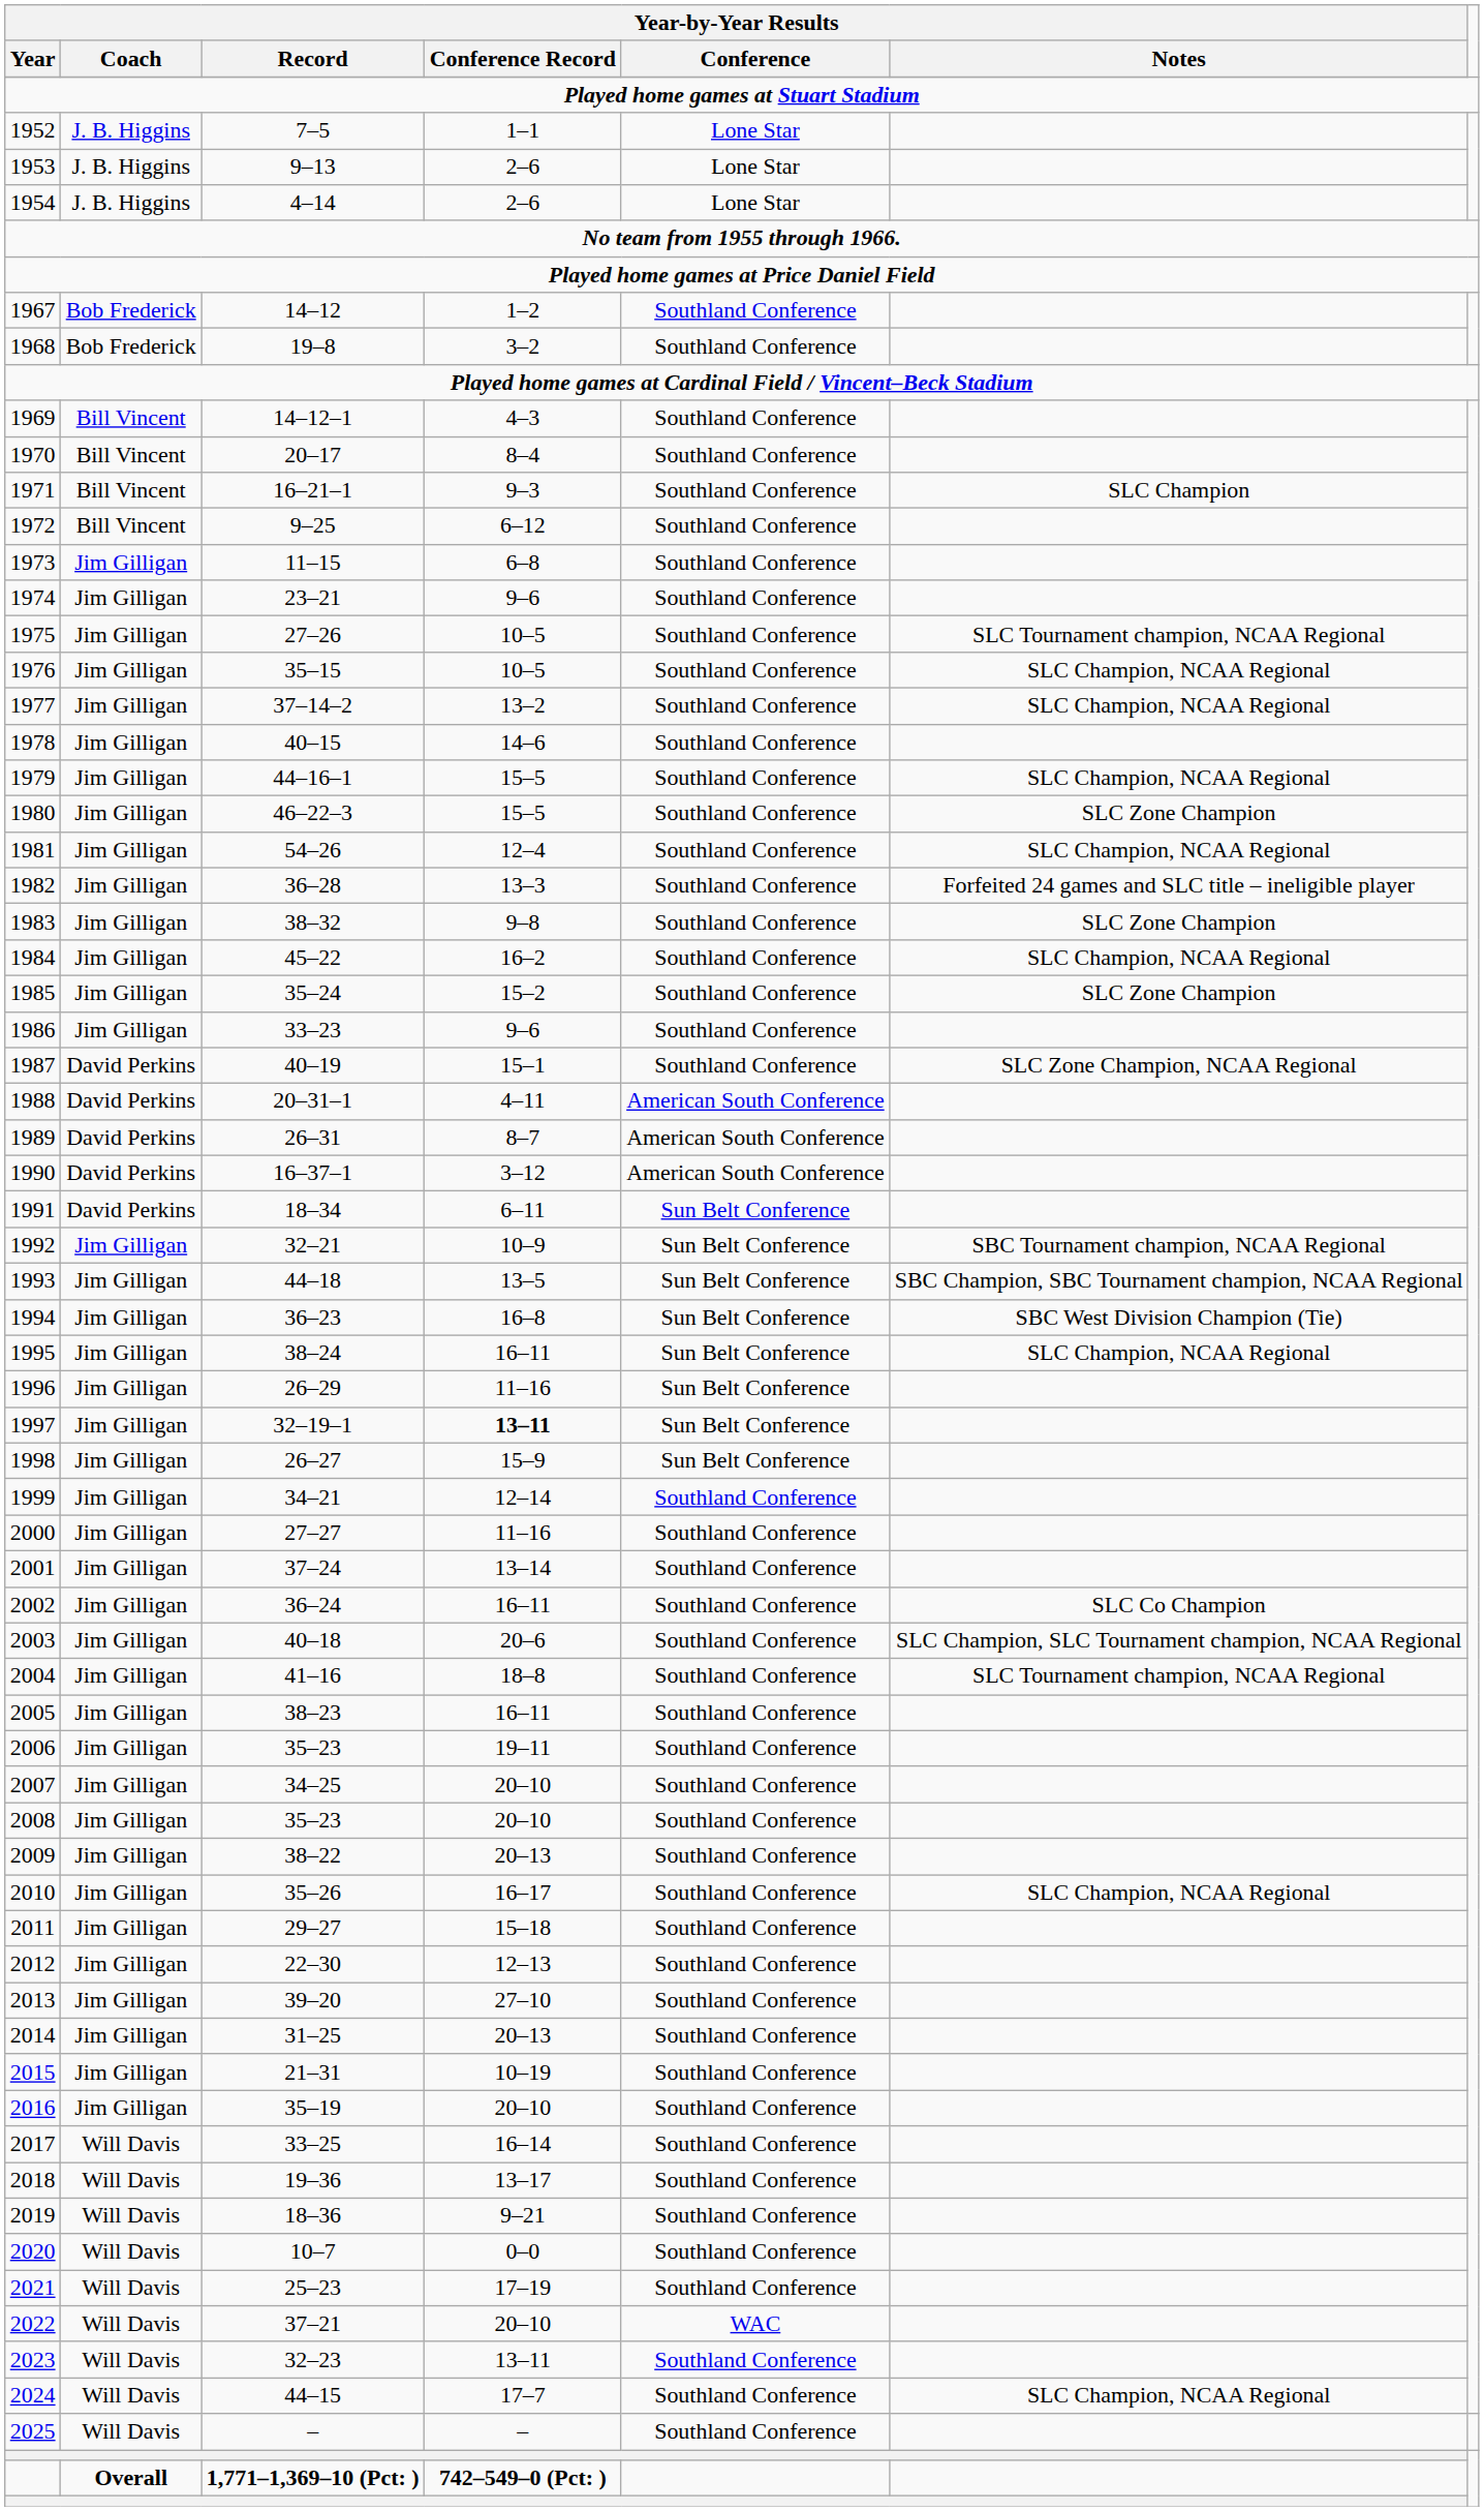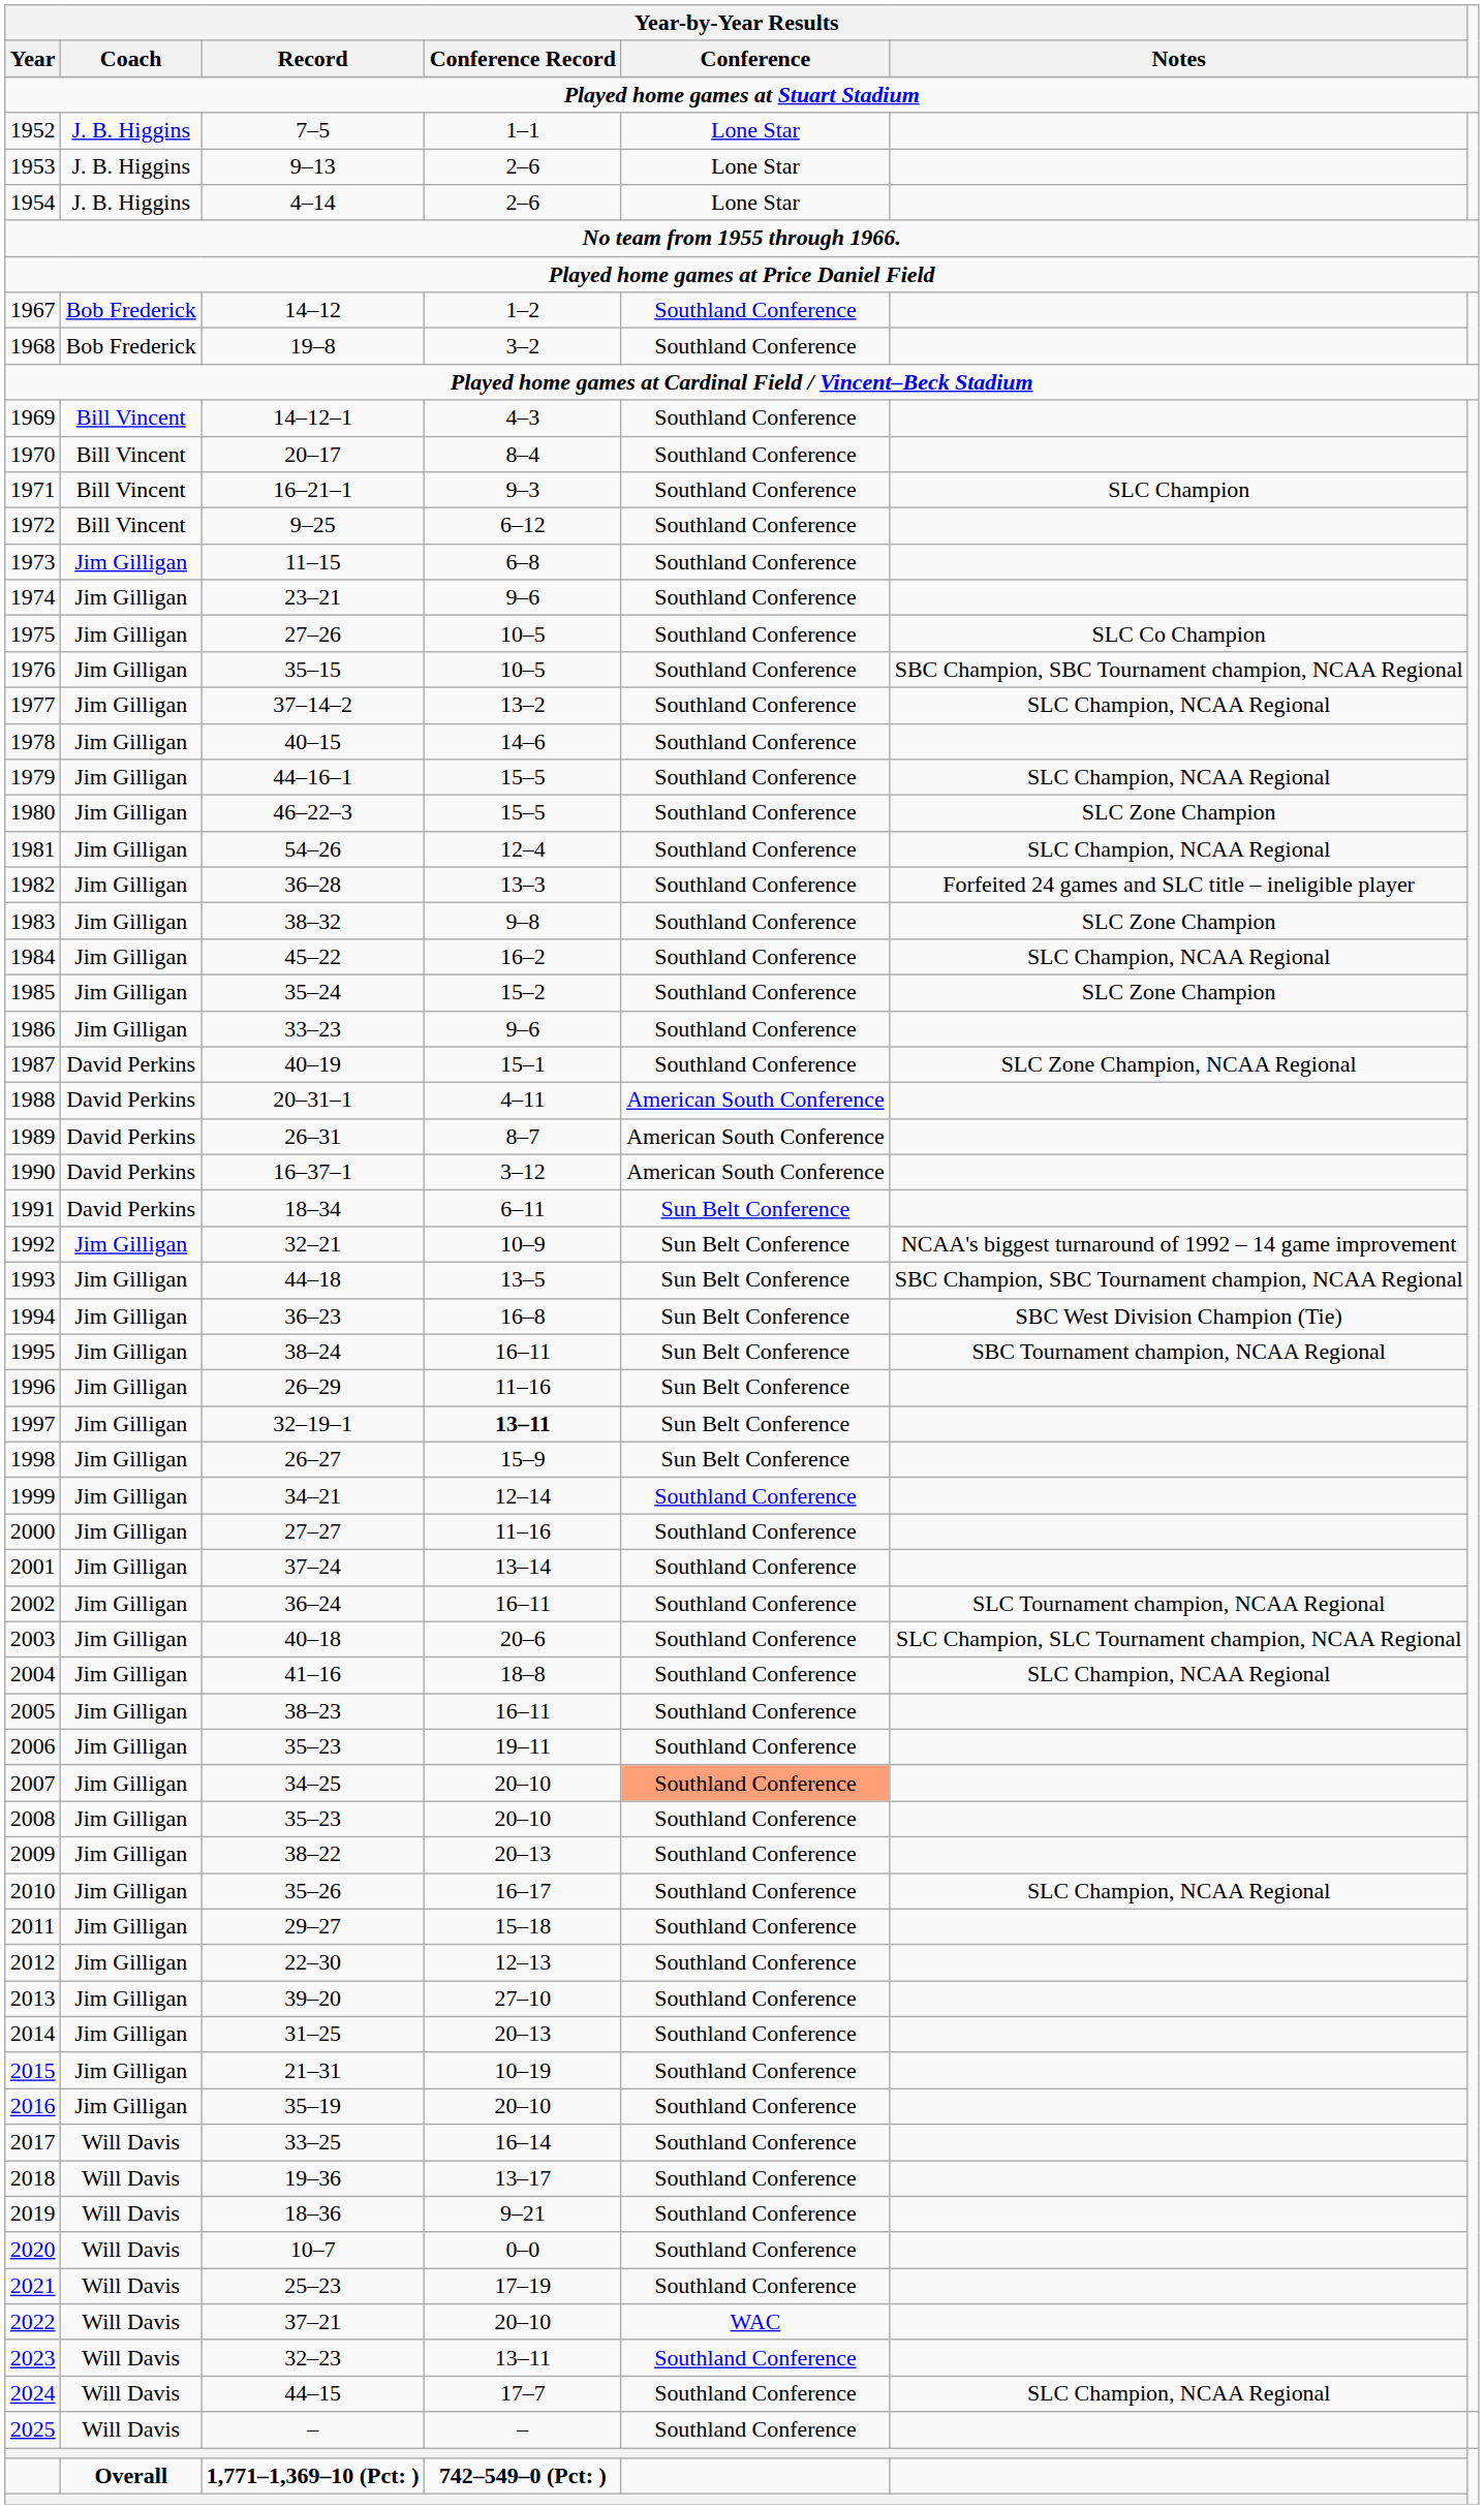 <table class="wikitable sortable collapsible" style="text-align:center">
 <tr>
 <th colspan=6>Year-by-Year Results</th>
 </tr>
 <tr>
 <th>Year</th>
 <th>Coach</th>
 <th>Record</th>
 <th>Conference Record</th>
 <th>Conference</th>
 <th>Notes</th>
 </tr>
 <tr>
 </tr>
 <tr>
 <td colspan=7 align="center"><strong><em>Played home games at <a href='#'>Stuart Stadium</a></em></strong></td>
 </tr>
 <tr>
 <td>1952</td>
 <td><a href='#'>J. B. Higgins</a></td>
 <td>7–5</td>
 <td>1–1</td>
 <td><a href='#'>Lone Star</a></td>
 <td></td>
 </tr>
 <tr>
 <td>1953</td>
 <td>J. B. Higgins</td>
 <td>9–13</td>
 <td>2–6</td>
 <td>Lone Star</td>
 <td></td>
 </tr>
 <tr>
 <td>1954</td>
 <td>J. B. Higgins</td>
 <td>4–14</td>
 <td>2–6</td>
 <td>Lone Star</td>
 <td></td>
 </tr>
 <tr>
 <td colspan=7 align="center"><strong><em>No team from 1955 through 1966.</em></strong></td>
 </tr>
 <tr>
 <td colspan=7 align="center"><strong><em>Played home games at Price Daniel Field</em></strong></td>
 </tr>
 <tr>
 <td>1967</td>
 <td><a href='#'>Bob Frederick</a></td>
 <td>14–12</td>
 <td>1–2</td>
 <td><a href='#'>Southland Conference</a></td>
 <td></td>
 </tr>
 <tr>
 <td>1968</td>
 <td>Bob Frederick</td>
 <td>19–8</td>
 <td>3–2</td>
 <td>Southland Conference</td>
 <td></td>
 </tr>
 <tr>
 <td colspan=7 align="center"><strong><em>Played home games at Cardinal Field / <a href='#'>Vincent–Beck Stadium</a></em></strong></td>
 </tr>
 <tr>
 <td>1969</td>
 <td><a href='#'>Bill Vincent</a></td>
 <td>14–12–1</td>
 <td>4–3</td>
 <td>Southland Conference</td>
 <td></td>
 </tr>
 <tr>
 <td>1970</td>
 <td>Bill Vincent</td>
 <td>20–17</td>
 <td>8–4</td>
 <td>Southland Conference</td>
 <td></td>
 </tr>
 <tr>
 <td>1971</td>
 <td>Bill Vincent</td>
 <td>16–21–1</td>
 <td>9–3</td>
 <td>Southland Conference</td>
 <td>SLC Champion</td>
 </tr>
 <tr>
 <td>1972</td>
 <td>Bill Vincent</td>
 <td>9–25</td>
 <td>6–12</td>
 <td>Southland Conference</td>
 <td></td>
 </tr>
 <tr>
 <td>1973</td>
 <td><a href='#'>Jim Gilligan</a></td>
 <td>11–15</td>
 <td>6–8</td>
 <td>Southland Conference</td>
 <td></td>
 </tr>
 <tr>
 <td>1974</td>
 <td>Jim Gilligan</td>
 <td>23–21</td>
 <td>9–6</td>
 <td>Southland Conference</td>
 <td></td>
 </tr>
 <tr>
 <td>1975</td>
 <td>Jim Gilligan</td>
 <td>27–26</td>
 <td>10–5</td>
 <td>Southland Conference</td>
-<td>SLC Tournament champion, NCAA Regional</td>
+<td>SLC Co Champion</td>
 </tr>
 <tr>
 <td>1976</td>
 <td>Jim Gilligan</td>
 <td>35–15</td>
 <td>10–5</td>
 <td>Southland Conference</td>
-<td>SLC Champion, NCAA Regional</td>
+<td>SBC Champion, SBC Tournament champion, NCAA Regional</td>
 </tr>
 <tr>
 <td>1977</td>
 <td>Jim Gilligan</td>
 <td>37–14–2</td>
 <td>13–2</td>
 <td>Southland Conference</td>
 <td>SLC Champion, NCAA Regional</td>
 </tr>
 <tr>
 <td>1978</td>
 <td>Jim Gilligan</td>
 <td>40–15</td>
 <td>14–6</td>
 <td>Southland Conference</td>
 <td></td>
 </tr>
 <tr>
 <td>1979</td>
 <td>Jim Gilligan</td>
 <td>44–16–1</td>
 <td>15–5</td>
 <td>Southland Conference</td>
 <td>SLC Champion, NCAA Regional</td>
 </tr>
 <tr>
 <td>1980</td>
 <td>Jim Gilligan</td>
 <td>46–22–3</td>
 <td>15–5</td>
 <td>Southland Conference</td>
 <td>SLC Zone Champion</td>
 </tr>
 <tr>
 <td>1981</td>
 <td>Jim Gilligan</td>
 <td>54–26</td>
 <td>12–4</td>
 <td>Southland Conference</td>
 <td>SLC Champion, NCAA Regional</td>
 </tr>
 <tr>
 <td>1982</td>
 <td>Jim Gilligan</td>
 <td>36–28</td>
 <td>13–3</td>
 <td>Southland Conference</td>
 <td>Forfeited 24 games and SLC title – ineligible player</td>
 </tr>
 <tr>
 <td>1983</td>
 <td>Jim Gilligan</td>
 <td>38–32</td>
 <td>9–8</td>
 <td>Southland Conference</td>
 <td>SLC Zone Champion</td>
 </tr>
 <tr>
 <td>1984</td>
 <td>Jim Gilligan</td>
 <td>45–22</td>
 <td>16–2</td>
 <td>Southland Conference</td>
 <td>SLC Champion, NCAA Regional</td>
 </tr>
 <tr>
 <td>1985</td>
 <td>Jim Gilligan</td>
 <td>35–24</td>
 <td>15–2</td>
 <td>Southland Conference</td>
 <td>SLC Zone Champion</td>
 </tr>
 <tr>
 <td>1986</td>
 <td>Jim Gilligan</td>
 <td>33–23</td>
 <td>9–6</td>
 <td>Southland Conference</td>
 <td></td>
 </tr>
 <tr>
 <td>1987</td>
 <td>David Perkins</td>
 <td>40–19</td>
 <td>15–1</td>
 <td>Southland Conference</td>
 <td>SLC Zone Champion, NCAA Regional</td>
 </tr>
 <tr>
 <td>1988</td>
 <td>David Perkins</td>
 <td>20–31–1</td>
 <td>4–11</td>
 <td><a href='#'>American South Conference</a></td>
 <td></td>
 </tr>
 <tr>
 <td>1989</td>
 <td>David Perkins</td>
 <td>26–31</td>
 <td>8–7</td>
 <td>American South Conference</td>
 <td></td>
 </tr>
 <tr>
 <td>1990</td>
 <td>David Perkins</td>
 <td>16–37–1</td>
 <td>3–12</td>
 <td>American South Conference</td>
 <td></td>
 </tr>
 <tr>
 <td>1991</td>
 <td>David Perkins</td>
 <td>18–34</td>
 <td>6–11</td>
 <td><a href='#'>Sun Belt Conference</a></td>
 <td></td>
 </tr>
 <tr>
 <td>1992</td>
 <td><a href='#'>Jim Gilligan</a></td>
 <td>32–21</td>
 <td>10–9</td>
 <td>Sun Belt Conference</td>
-<td>SBC Tournament champion, NCAA Regional</td>
+<td>NCAA's biggest turnaround of 1992 – 14 game improvement</td>
 </tr>
 <tr>
 <td>1993</td>
 <td>Jim Gilligan</td>
 <td>44–18</td>
 <td>13–5</td>
 <td>Sun Belt Conference</td>
 <td>SBC Champion, SBC Tournament champion, NCAA Regional</td>
 </tr>
 <tr>
 <td>1994</td>
 <td>Jim Gilligan</td>
 <td>36–23</td>
 <td>16–8</td>
 <td>Sun Belt Conference</td>
 <td>SBC West Division Champion (Tie)</td>
 </tr>
 <tr>
 <td>1995</td>
 <td>Jim Gilligan</td>
 <td>38–24</td>
 <td>16–11</td>
 <td>Sun Belt Conference</td>
-<td>SLC Champion, NCAA Regional</td>
+<td>SBC Tournament champion, NCAA Regional</td>
 </tr>
 <tr>
 <td>1996</td>
 <td>Jim Gilligan</td>
 <td>26–29</td>
 <td>11–16</td>
 <td>Sun Belt Conference</td>
 <td></td>
 </tr>
 <tr>
 <td>1997</td>
 <td>Jim Gilligan</td>
 <td>32–19–1</td>
 <td><strong>13–11</strong></td>
 <td>Sun Belt Conference</td>
 <td></td>
 </tr>
 <tr>
 <td>1998</td>
 <td>Jim Gilligan</td>
 <td>26–27</td>
 <td>15–9</td>
 <td>Sun Belt Conference</td>
 <td></td>
 </tr>
 <tr>
 <td>1999</td>
 <td>Jim Gilligan</td>
 <td>34–21</td>
 <td>12–14</td>
 <td><a href='#'>Southland Conference</a></td>
 <td></td>
 </tr>
 <tr>
 <td>2000</td>
 <td>Jim Gilligan</td>
 <td>27–27</td>
 <td>11–16</td>
 <td>Southland Conference</td>
 <td></td>
 </tr>
 <tr>
 <td>2001</td>
 <td>Jim Gilligan</td>
 <td>37–24</td>
 <td>13–14</td>
 <td>Southland Conference</td>
 <td></td>
 </tr>
 <tr>
 <td>2002</td>
 <td>Jim Gilligan</td>
 <td>36–24</td>
 <td>16–11</td>
 <td>Southland Conference</td>
-<td>SLC Co Champion</td>
+<td>SLC Tournament champion, NCAA Regional</td>
 </tr>
 <tr>
 <td>2003</td>
 <td>Jim Gilligan</td>
 <td>40–18</td>
 <td>20–6</td>
 <td>Southland Conference</td>
 <td>SLC Champion, SLC Tournament champion, NCAA Regional</td>
 </tr>
 <tr>
 <td>2004</td>
 <td>Jim Gilligan</td>
 <td>41–16</td>
 <td>18–8</td>
 <td>Southland Conference</td>
-<td>SLC Tournament champion, NCAA Regional</td>
+<td>SLC Champion, NCAA Regional</td>
 </tr>
 <tr>
 <td>2005</td>
 <td>Jim Gilligan</td>
 <td>38–23</td>
 <td>16–11</td>
 <td>Southland Conference</td>
 <td></td>
 </tr>
 <tr>
 <td>2006</td>
 <td>Jim Gilligan</td>
 <td>35–23</td>
 <td>19–11</td>
 <td>Southland Conference</td>
 <td></td>
 </tr>
 <tr>
 <td>2007</td>
 <td>Jim Gilligan</td>
 <td>34–25</td>
 <td>20–10</td>
-<td>Southland Conference</td>
+<td style="background: lightsalmon;">Southland Conference</td>
 <td></td>
 </tr>
 <tr>
 <td>2008</td>
 <td>Jim Gilligan</td>
 <td>35–23</td>
 <td>20–10</td>
 <td>Southland Conference</td>
 <td></td>
 </tr>
 <tr>
 <td>2009</td>
 <td>Jim Gilligan</td>
 <td>38–22</td>
 <td>20–13</td>
 <td>Southland Conference</td>
 <td></td>
 </tr>
 <tr>
 <td>2010</td>
 <td>Jim Gilligan</td>
 <td>35–26</td>
 <td>16–17</td>
 <td>Southland Conference</td>
 <td>SLC Champion, NCAA Regional</td>
 </tr>
 <tr>
 <td>2011</td>
 <td>Jim Gilligan</td>
 <td>29–27</td>
 <td>15–18</td>
 <td>Southland Conference</td>
 <td></td>
 </tr>
 <tr>
 <td>2012</td>
 <td>Jim Gilligan</td>
 <td>22–30</td>
 <td>12–13</td>
 <td>Southland Conference</td>
 <td></td>
 </tr>
 <tr>
 <td>2013</td>
 <td>Jim Gilligan</td>
 <td>39–20</td>
 <td>27–10</td>
 <td>Southland Conference</td>
 <td></td>
 </tr>
 <tr>
 <td>2014</td>
 <td>Jim Gilligan</td>
 <td>31–25</td>
 <td>20–13</td>
 <td>Southland Conference</td>
 <td></td>
 </tr>
 <tr>
 <td><a href='#'>2015</a></td>
 <td>Jim Gilligan</td>
 <td>21–31</td>
 <td>10–19</td>
 <td>Southland Conference</td>
 <td></td>
 </tr>
 <tr>
 <td><a href='#'>2016</a></td>
 <td>Jim Gilligan</td>
 <td>35–19</td>
 <td>20–10</td>
 <td>Southland Conference</td>
 <td></td>
 </tr>
 <tr>
 <td>2017</td>
 <td>Will Davis</td>
 <td>33–25</td>
 <td>16–14</td>
 <td>Southland Conference</td>
 <td></td>
 </tr>
 <tr>
 <td>2018</td>
 <td>Will Davis</td>
 <td>19–36</td>
 <td>13–17</td>
 <td>Southland Conference</td>
 <td></td>
 </tr>
 <tr>
 <td>2019</td>
 <td>Will Davis</td>
 <td>18–36</td>
 <td>9–21</td>
 <td>Southland Conference</td>
 <td></td>
 </tr>
 <tr>
 <td><a href='#'>2020</a></td>
 <td>Will Davis</td>
 <td>10–7</td>
 <td>0–0</td>
 <td>Southland Conference</td>
 <td></td>
 </tr>
 <tr>
 <td><a href='#'>2021</a></td>
 <td>Will Davis</td>
 <td>25–23</td>
 <td>17–19</td>
 <td>Southland Conference</td>
 <td></td>
 </tr>
 <tr>
 <td><a href='#'>2022</a></td>
 <td>Will Davis</td>
 <td>37–21</td>
 <td>20–10</td>
 <td><a href='#'>WAC</a></td>
 <td></td>
 </tr>
 <tr>
 <td><a href='#'>2023</a></td>
 <td>Will Davis</td>
 <td>32–23</td>
 <td>13–11</td>
 <td><a href='#'>Southland Conference</a></td>
 <td></td>
 </tr>
 <tr>
 <td><a href='#'>2024</a></td>
 <td>Will Davis</td>
 <td>44–15</td>
 <td>17–7</td>
 <td>Southland Conference</td>
 <td>SLC Champion, NCAA Regional</td>
 </tr>
 <tr>
 <td><a href='#'>2025</a></td>
 <td>Will Davis</td>
 <td>–</td>
 <td>–</td>
 <td>Southland Conference</td>
 <td></td>
 <td></td>
 </tr>
 <tr>
 <th colspan=6></th>
 </tr>
 <tr>
 <td></td>
 <td><strong>Overall</strong></td>
 <td><strong>1,771–1,369–10 (Pct: )</strong></td>
 <td><strong>742–549–0 (Pct: )</strong></td>
 <td></td>
 <td></td>
 </tr>
 <tr>
 <th colspan=6></th>
 </tr>
 </table>
